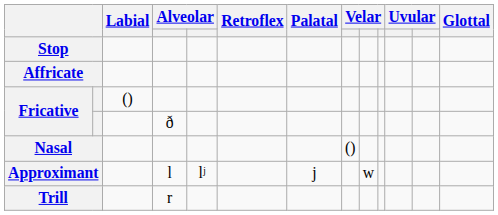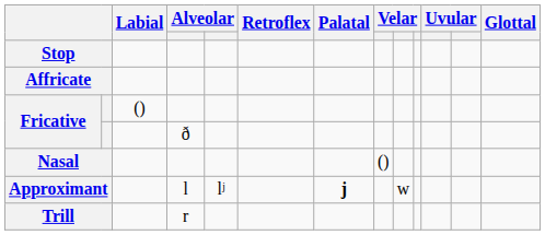 <table class="wikitable" style=text-align:center>
 <tr>
 <th colspan="2" rowspan="2"></th>
 <th rowspan="2"><a href='#'>Labial</a></th>
 <th colspan="2"><a href='#'>Alveolar</a></th>
 <th rowspan="2"><a href='#'>Retroflex</a></th>
 <th rowspan="2"><a href='#'>Palatal</a></th>
 <th colspan="3"><a href='#'>Velar</a></th>
 <th colspan="2"><a href='#'>Uvular</a></th>
 <th rowspan="2"><a href='#'>Glottal</a></th>
 </tr>
 <tr>
 <th></th>
 <th></th>
 <th></th>
 <th></th>
 <th></th>
 <th></th>
 <th></th>
 </tr>
 <tr>
 <th colspan="2"><a href='#'>Stop</a></th>
 <td></td>
 <td></td>
 <td></td>
 <td></td>
 <td></td>
 <td></td>
 <td></td>
 <td></td>
 <td></td>
 <td></td>
 <td></td>
 </tr>
 <tr>
 <th colspan="2"><a href='#'>Affricate</a></th>
 <td></td>
 <td></td>
 <td></td>
 <td></td>
 <td></td>
 <td></td>
 <td></td>
 <td></td>
 <td></td>
 <td></td>
 <td></td>
 </tr>
 <tr>
 <th rowspan="2"><a href='#'>Fricative</a></th>
 <th></th>
 <td>()</td>
 <td></td>
 <td></td>
 <td></td>
 <td></td>
 <td></td>
 <td></td>
 <td></td>
 <td></td>
 <td></td>
 <td></td>
 </tr>
 <tr>
 <th></th>
 <td></td>
 <td>ð</td>
 <td></td>
 <td></td>
 <td></td>
 <td></td>
 <td></td>
 <td></td>
 <td></td>
 <td></td>
 <td></td>
 </tr>
 <tr>
 <th colspan="2"><a href='#'>Nasal</a></th>
 <td></td>
 <td></td>
 <td></td>
 <td></td>
 <td></td>
 <td>()</td>
 <td></td>
 <td></td>
 <td></td>
 <td></td>
 <td></td>
 </tr>
 <tr>
 <th colspan="2"><a href='#'>Approximant</a></th>
 <td></td>
 <td>l</td>
 <td>lʲ</td>
 <td></td>
-<td>j</td>
+<td><strong>j</strong></td>
 <td></td>
 <td>w</td>
 <td></td>
 <td></td>
 <td></td>
 <td></td>
 </tr>
 <tr>
 <th colspan="2"><a href='#'>Trill</a></th>
 <td></td>
 <td>r</td>
 <td></td>
 <td></td>
 <td></td>
 <td></td>
 <td></td>
 <td></td>
 <td></td>
 <td></td>
 <td></td>
 </tr>
 </table>
